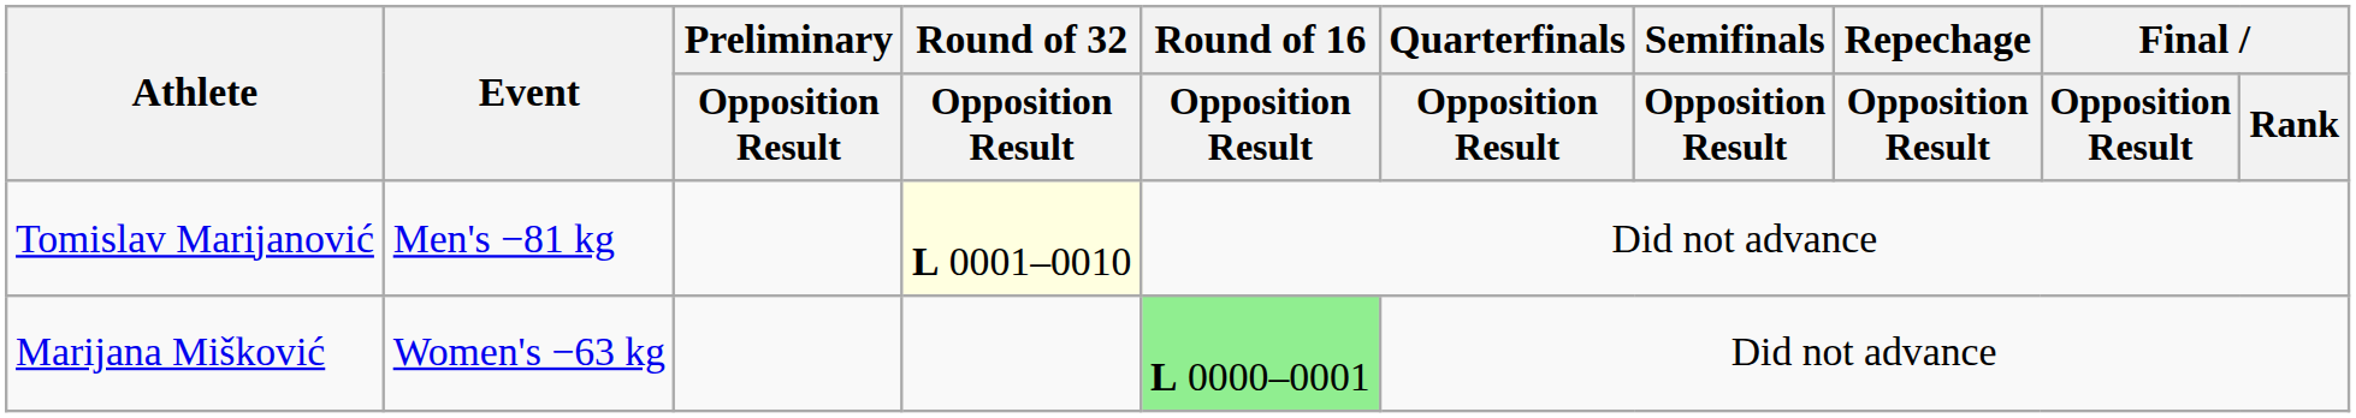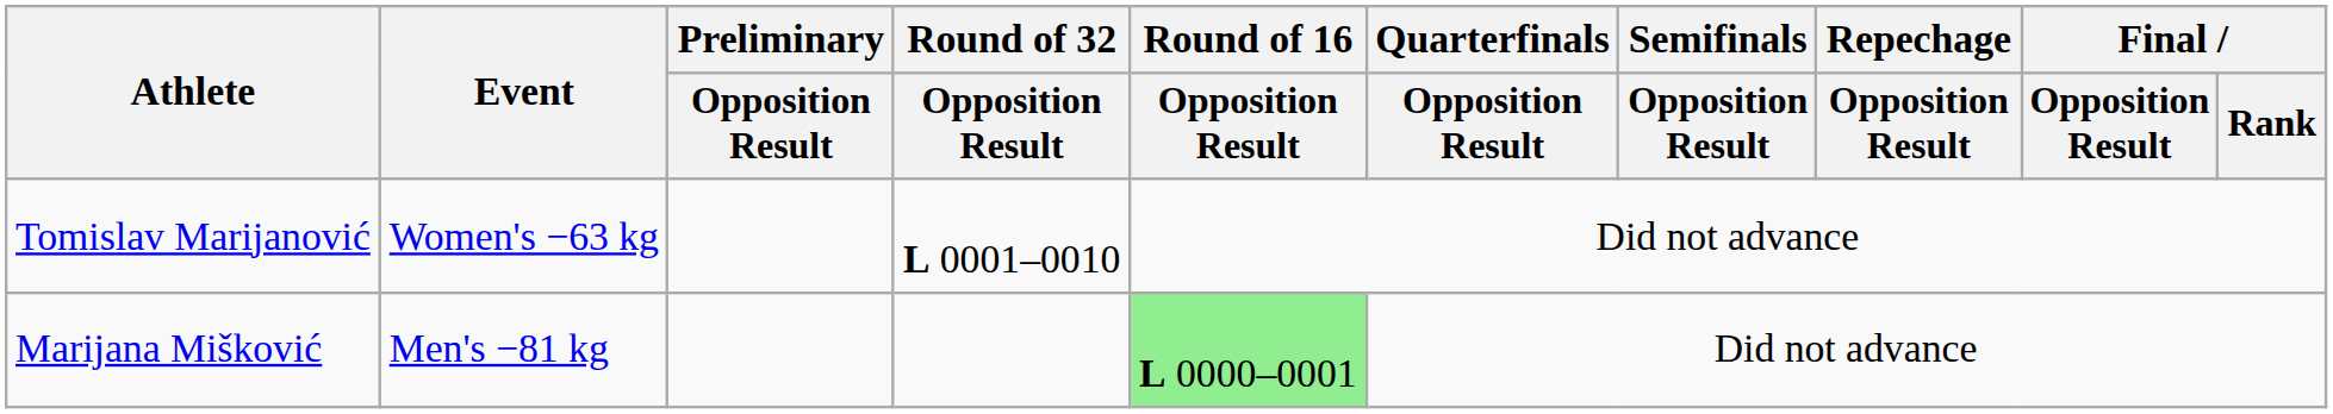 <table class="wikitable" style="font-size:90%">
 <tr>
 <th rowspan=2>Athlete</th>
 <th rowspan=2>Event</th>
 <th>Preliminary</th>
 <th>Round of 32</th>
 <th>Round of 16</th>
 <th>Quarterfinals</th>
 <th>Semifinals</th>
 <th>Repechage</th>
 <th colspan=2>Final / </th>
 </tr>
 <tr style="font-size:95%">
 <th>Opposition<br>Result</th>
 <th>Opposition<br>Result</th>
 <th>Opposition<br>Result</th>
 <th>Opposition<br>Result</th>
 <th>Opposition<br>Result</th>
 <th>Opposition<br>Result</th>
 <th>Opposition<br>Result</th>
 <th>Rank</th>
 </tr>
 <tr align=center>
 <td align=left><a href='#'>Tomislav Marijanović</a></td>
-<td align=left><a href='#'>Men's −81 kg</a></td>
+<td align=left><a href='#'>Women's −63 kg</a></td>
 <td></td>
-<td style="background: lightyellow;"><br><strong>L</strong> 0001–0010</td>
+<td><br><strong>L</strong> 0001–0010</td>
 <td colspan=6>Did not advance</td>
 </tr>
 <tr align=center>
 <td align=left><a href='#'>Marijana Mišković</a></td>
-<td align=left><a href='#'>Women's −63 kg</a></td>
+<td align=left><a href='#'>Men's −81 kg</a></td>
 <td></td>
 <td></td>
 <td style="background: lightgreen;"><br><strong>L</strong> 0000–0001</td>
 <td colspan=5>Did not advance</td>
 </tr>
 </table>
